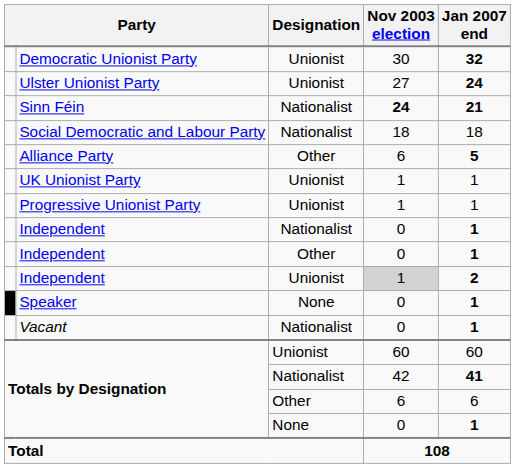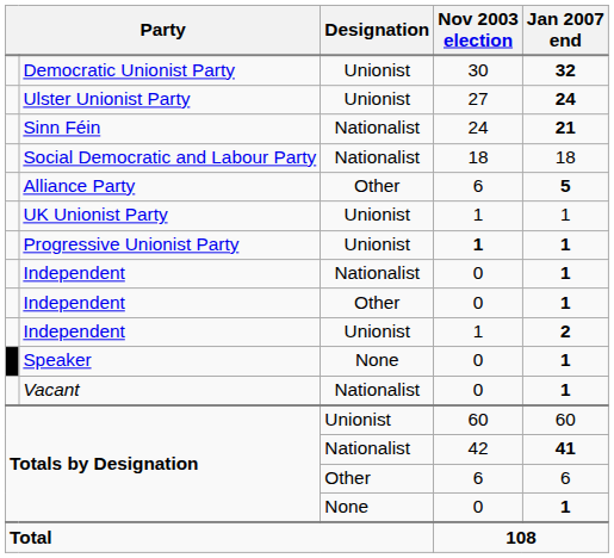 <table class="wikitable">
 <tr bgcolor="CCCCCC" style="border-bottom: 2px solid gray;">
 <th colspan="2">Party</th>
 <th>Designation</th>
 <th>Nov 2003<br><a href='#'>election</a></th>
 <th>Jan 2007<br>end</th>
 </tr>
 <tr>
 <td style="color:"> </td>
 <td><a href='#'>Democratic Unionist Party</a></td>
 <td align="center">Unionist</td>
 <td align="center">30</td>
 <td align="center"><strong>32</strong></td>
 </tr>
 <tr>
 <td style="color:"> </td>
 <td><a href='#'>Ulster Unionist Party</a></td>
 <td align="center">Unionist</td>
 <td align="center">27</td>
 <td align="center"><strong>24</strong></td>
 </tr>
 <tr>
 <td style="color:"> </td>
 <td><a href='#'>Sinn Féin</a></td>
 <td align="center">Nationalist</td>
-<td align="center"><strong>24</strong></td>
+<td align="center">24</td>
 <td align="center"><strong>21</strong></td>
 </tr>
 <tr>
 <td style="color:"> </td>
 <td><a href='#'>Social Democratic and Labour Party</a></td>
 <td align="center">Nationalist</td>
 <td align="center">18</td>
 <td align="center">18</td>
 </tr>
 <tr>
 <td style="color:"> </td>
 <td><a href='#'>Alliance Party</a></td>
 <td align="center">Other</td>
 <td align="center">6</td>
 <td align="center"><strong>5</strong></td>
 </tr>
 <tr>
 <td> </td>
 <td><a href='#'>UK Unionist Party</a></td>
 <td align="center">Unionist</td>
 <td align="center">1</td>
 <td align="center">1</td>
 </tr>
 <tr>
 <td> </td>
 <td><a href='#'>Progressive Unionist Party</a></td>
 <td align="center">Unionist</td>
-<td align="center">1</td>
-<td align="center">1</td>
+<td align="center"><strong>1</strong></td>
+<td align="center"><strong>1</strong></td>
 </tr>
 <tr>
 <td> </td>
 <td><a href='#'>Independent</a></td>
 <td align="center">Nationalist</td>
 <td align="center">0</td>
 <td align="center"><strong>1</strong></td>
 </tr>
 <tr>
 <td> </td>
 <td><a href='#'>Independent</a></td>
 <td align="center">Other</td>
 <td align="center">0</td>
 <td align="center"><strong>1</strong></td>
 </tr>
 <tr>
 <td> </td>
 <td><a href='#'>Independent</a></td>
 <td align="center">Unionist</td>
-<td align="center" style="background: lightgrey;">1</td>
+<td align="center">1</td>
 <td align="center"><strong>2</strong></td>
 </tr>
 <tr>
 <td bgcolor="#000000"> </td>
 <td><a href='#'>Speaker</a></td>
 <td align="center">None</td>
 <td align="center">0</td>
 <td align="center"><strong>1</strong></td>
 </tr>
 <tr style="border-bottom: 2px solid gray;">
 <td></td>
 <td><em>Vacant</em></td>
 <td align="center">Nationalist</td>
 <td align="center">0</td>
 <td align="center"><strong>1</strong></td>
 </tr>
 <tr>
 <td colspan="2" rowspan="4"><strong>Totals by Designation</strong></td>
 <td>Unionist</td>
 <td align="center">60</td>
 <td align="center">60</td>
 </tr>
 <tr>
 <td>Nationalist</td>
 <td align="center">42</td>
 <td align="center"><strong>41</strong></td>
 </tr>
 <tr>
 <td>Other</td>
 <td align="center">6</td>
 <td align="center">6</td>
 </tr>
 <tr style="border-bottom: 2px solid gray;">
 <td>None</td>
 <td align="center">0</td>
 <td align="center"><strong>1</strong></td>
 </tr>
 <tr>
 <td colspan="3"><strong>Total</strong></td>
 <td align="center" colspan="2"><strong>108</strong></td>
 </tr>
 </table>
